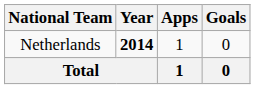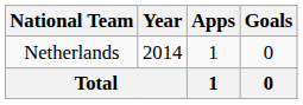 <table class="wikitable" style="text-align:center">
 <tr>
 <th>National Team</th>
 <th>Year</th>
 <th>Apps</th>
 <th>Goals</th>
 </tr>
 <tr>
 <td>Netherlands</td>
-<td><strong>2014</strong></td>
+<td>2014</td>
 <td>1</td>
 <td>0</td>
 </tr>
 <tr>
 <th colspan="2">Total</th>
 <th>1</th>
 <th>0</th>
 </tr>
 </table>
